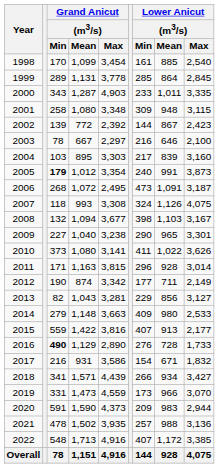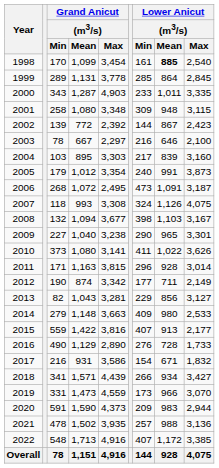 <table class="wikitable mw-collapsible mw-collapsed" style="text-align:center;">
 <tr>
 <th rowspan="3">Year</th>
 <th rowspan="28"></th>
 <th colspan="3"><a href='#'>Grand Anicut</a></th>
 <th rowspan="28"></th>
 <th colspan="3"><a href='#'>Lower Anicut</a></th>
 </tr>
 <tr>
 <th colspan="3">(m<sup>3</sup>/s)</th>
 <th colspan="3">(m<sup>3</sup>/s)</th>
 </tr>
 <tr>
 <th>Min</th>
 <th>Mean</th>
 <th>Max</th>
 <th>Min</th>
 <th>Mean</th>
 <th>Max</th>
 </tr>
 <tr>
 <td>1998</td>
 <td>170</td>
 <td>1,099</td>
 <td>3,454</td>
 <td>161</td>
-<td>885</td>
+<td><strong>885</strong></td>
 <td>2,540</td>
 </tr>
 <tr>
 <td>1999</td>
 <td>289</td>
 <td>1,131</td>
 <td>3,778</td>
 <td>285</td>
 <td>864</td>
 <td>2,845</td>
 </tr>
 <tr>
 <td>2000</td>
 <td>343</td>
 <td>1,287</td>
 <td>4,903</td>
 <td>233</td>
 <td>1,011</td>
 <td>3,335</td>
 </tr>
 <tr>
 <td>2001</td>
 <td>258</td>
 <td>1,080</td>
 <td>3,348</td>
 <td>309</td>
 <td>948</td>
 <td>3,115</td>
 </tr>
 <tr>
 <td>2002</td>
 <td>139</td>
 <td>772</td>
 <td>2,392</td>
 <td>144</td>
 <td>867</td>
 <td>2,423</td>
 </tr>
 <tr>
 <td>2003</td>
 <td>78</td>
 <td>667</td>
 <td>2,297</td>
 <td>216</td>
 <td>646</td>
 <td>2,100</td>
 </tr>
 <tr>
 <td>2004</td>
 <td>103</td>
 <td>895</td>
 <td>3,303</td>
 <td>217</td>
 <td>839</td>
 <td>3,160</td>
 </tr>
 <tr>
 <td>2005</td>
-<td><strong>179</strong></td>
+<td>179</td>
 <td>1,012</td>
 <td>3,354</td>
 <td>240</td>
 <td>991</td>
 <td>3,873</td>
 </tr>
 <tr>
 <td>2006</td>
 <td>268</td>
 <td>1,072</td>
 <td>2,495</td>
 <td>473</td>
 <td>1,091</td>
 <td>3,187</td>
 </tr>
 <tr>
 <td>2007</td>
 <td>118</td>
 <td>993</td>
 <td>3,308</td>
 <td>324</td>
 <td>1,126</td>
 <td>4,075</td>
 </tr>
 <tr>
 <td>2008</td>
 <td>132</td>
 <td>1,094</td>
 <td>3,677</td>
 <td>398</td>
 <td>1,103</td>
 <td>3,167</td>
 </tr>
 <tr>
 <td>2009</td>
 <td>227</td>
 <td>1,040</td>
 <td>3,238</td>
 <td>290</td>
 <td>965</td>
 <td>3,301</td>
 </tr>
 <tr>
 <td>2010</td>
 <td>373</td>
 <td>1,080</td>
 <td>3,141</td>
 <td>411</td>
 <td>1,022</td>
 <td>3,626</td>
 </tr>
 <tr>
 <td>2011</td>
 <td>171</td>
 <td>1,163</td>
 <td>3,815</td>
 <td>296</td>
 <td>928</td>
 <td>3,014</td>
 </tr>
 <tr>
 <td>2012</td>
 <td>190</td>
 <td>874</td>
 <td>3,342</td>
 <td>177</td>
 <td>711</td>
 <td>2,149</td>
 </tr>
 <tr>
 <td>2013</td>
 <td>82</td>
 <td>1,043</td>
 <td>3,281</td>
 <td>229</td>
 <td>856</td>
 <td>3,127</td>
 </tr>
 <tr>
 <td>2014</td>
 <td>279</td>
 <td>1,148</td>
 <td>3,663</td>
 <td>409</td>
 <td>980</td>
 <td>2,533</td>
 </tr>
 <tr>
 <td>2015</td>
 <td>559</td>
 <td>1,422</td>
 <td>3,816</td>
 <td>407</td>
 <td>913</td>
 <td>2,177</td>
 </tr>
 <tr>
 <td>2016</td>
-<td><strong>490</strong></td>
+<td>490</td>
 <td>1,129</td>
 <td>2,890</td>
 <td>276</td>
 <td>728</td>
 <td>1,733</td>
 </tr>
 <tr>
 <td>2017</td>
 <td>216</td>
 <td>931</td>
 <td>3,586</td>
 <td>154</td>
 <td>671</td>
 <td>1,832</td>
 </tr>
 <tr>
 <td>2018</td>
 <td>341</td>
 <td>1,571</td>
 <td>4,439</td>
 <td>266</td>
 <td>934</td>
 <td>3,427</td>
 </tr>
 <tr>
 <td>2019</td>
 <td>331</td>
 <td>1,473</td>
 <td>4,559</td>
 <td>173</td>
 <td>966</td>
 <td>3,070</td>
 </tr>
 <tr>
 <td>2020</td>
 <td>591</td>
 <td>1,590</td>
 <td>4,373</td>
 <td>209</td>
 <td>983</td>
 <td>2,944</td>
 </tr>
 <tr>
 <td>2021</td>
 <td>478</td>
 <td>1,502</td>
 <td>3,935</td>
 <td>257</td>
 <td>988</td>
 <td>3,136</td>
 </tr>
 <tr>
 <td>2022</td>
 <td>548</td>
 <td>1,713</td>
 <td>4,916</td>
 <td>407</td>
 <td>1,172</td>
 <td>3,385</td>
 </tr>
 <tr>
 <th>Overall</th>
 <th></th>
 <th>78</th>
 <th>1,151</th>
 <th>4,916</th>
 <th></th>
 <th>144</th>
 <th>928</th>
 <th>4,075</th>
 </tr>
 </table>
